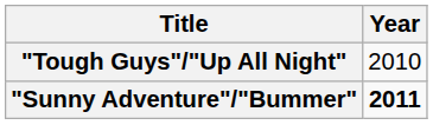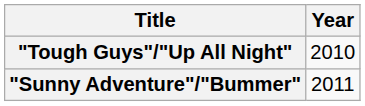 <table class="wikitable plainrowheaders" style="text-align:center;">
 <tr>
 <th scope="col">Title</th>
 <th scope="col">Year</th>
 </tr>
 <tr>
 <th scope="row">"Tough Guys"/"Up All Night"<br></th>
 <td>2010</td>
 </tr>
 <tr>
 <th scope="row">"Sunny Adventure"/"Bummer"<br></th>
-<td><strong>2011</strong></td>
+<td>2011</td>
 </tr>
 </table>
